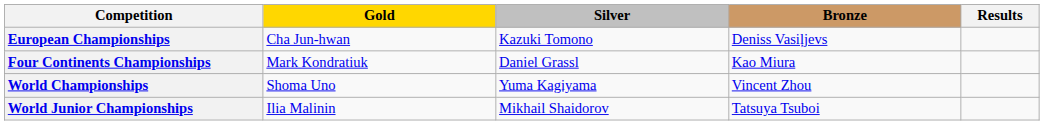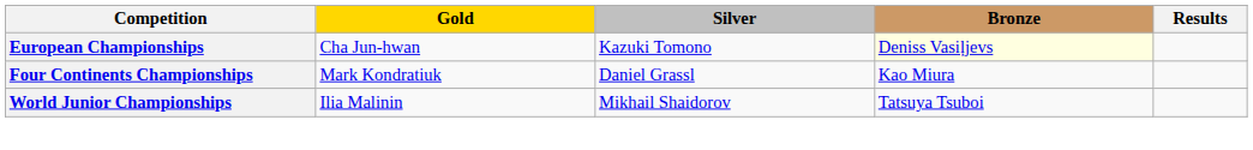 <table class="wikitable unsortable" style="text-align:left; width:90%">
 <tr>
 <th scope="col" style="text-align:center; width:25%;">Competition</th>
 <td scope="col" style="text-align:center; width:22.5%; background:gold"><strong>Gold</strong></td>
 <td scope="col" style="text-align:center; width:22.5%; background:silver"><strong>Silver</strong></td>
 <td scope="col" style="text-align:center; width:22.5%; background:#c96"><strong>Bronze</strong></td>
 <th scope="col" style="text-align:center; width:7.5%;">Results</th>
 </tr>
 <tr>
 <th scope="row" style="text-align:left"> <a href='#'>European Championships</a></th>
 <td> <a href='#'>Cha Jun-hwan</a></td>
 <td> <a href='#'>Kazuki Tomono</a></td>
-<td> <a href='#'>Deniss Vasiļjevs</a></td>
+<td style="background: lightyellow;"> <a href='#'>Deniss Vasiļjevs</a></td>
 <td></td>
 </tr>
 <tr>
 <th scope="row" style="text-align:left"> <a href='#'>Four Continents Championships</a></th>
 <td> <a href='#'>Mark Kondratiuk</a></td>
 <td> <a href='#'>Daniel Grassl</a></td>
 <td> <a href='#'>Kao Miura</a></td>
 <td></td>
 </tr>
 <tr>
-<th scope="row" style="text-align:left"> <a href='#'>World Championships</a></th>
-<td> <a href='#'>Shoma Uno</a></td>
-<td> <a href='#'>Yuma Kagiyama</a></td>
-<td> <a href='#'>Vincent Zhou</a></td>
-<td></td>
-</tr>
-<tr>
 <th scope="row" style="text-align:left"> <a href='#'>World Junior Championships</a></th>
 <td> <a href='#'>Ilia Malinin</a></td>
 <td> <a href='#'>Mikhail Shaidorov</a></td>
 <td> <a href='#'>Tatsuya Tsuboi</a></td>
 <td></td>
 </tr>
 </table>
